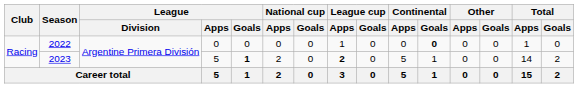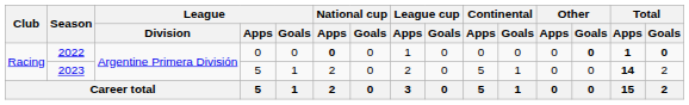 <table class=wikitable style=text-align:center>
 <tr>
 <th rowspan="2">Club</th>
 <th rowspan="2">Season</th>
 <th colspan="3">League</th>
 <th colspan="2">National cup</th>
 <th colspan="2">League cup</th>
 <th colspan="2">Continental</th>
 <th colspan="2">Other</th>
 <th colspan="2">Total</th>
 </tr>
 <tr>
 <th>Division</th>
 <th>Apps</th>
 <th>Goals</th>
 <th>Apps</th>
 <th>Goals</th>
 <th>Apps</th>
 <th>Goals</th>
 <th>Apps</th>
 <th>Goals</th>
 <th>Apps</th>
 <th>Goals</th>
 <th>Apps</th>
 <th>Goals</th>
 </tr>
 <tr>
 <td rowspan="2"><a href='#'>Racing</a></td>
 <td><a href='#'>2022</a></td>
 <td rowspan="2"><a href='#'>Argentine Primera División</a></td>
 <td>0</td>
 <td>0</td>
-<td>0</td>
+<td><strong>0</strong></td>
 <td>0</td>
 <td>1</td>
 <td>0</td>
 <td>0</td>
-<td><strong>0</strong></td>
 <td>0</td>
 <td>0</td>
-<td>1</td>
-<td>0</td>
+<td><strong>0</strong></td>
+<td><strong>1</strong></td>
+<td><strong>0</strong></td>
 </tr>
 <tr>
 <td><a href='#'>2023</a></td>
 <td>5</td>
-<td><strong>1</strong></td>
+<td>1</td>
 <td>2</td>
 <td>0</td>
-<td><strong>2</strong></td>
+<td>2</td>
 <td>0</td>
 <td>5</td>
 <td>1</td>
 <td>0</td>
 <td>0</td>
-<td>14</td>
+<td><strong>14</strong></td>
 <td>2</td>
 </tr>
 <tr>
 <th colspan="3"><strong>Career total</strong></th>
 <th>5</th>
 <th>1</th>
 <th>2</th>
 <th>0</th>
 <th>3</th>
 <th>0</th>
 <th>5</th>
 <th>1</th>
 <th>0</th>
 <th>0</th>
 <th>15</th>
 <th>2</th>
 </tr>
 </table>
